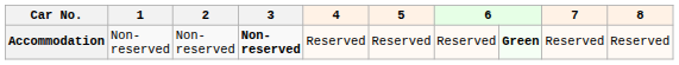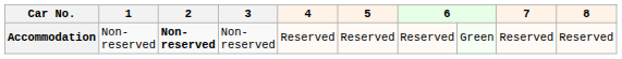 <table class="wikitable">
 <tr>
 <th>Car No.</th>
 <th>1</th>
 <th>2</th>
 <th>3</th>
 <th style="background: #FFF2E6">4</th>
 <th style="background: #FFF2E6">5</th>
 <th colspan=2 style="background:#E6FFE6">6</th>
 <th style="background: #FFF2E6">7</th>
 <th style="background: #FFF2E6">8</th>
 </tr>
 <tr>
 <th>Accommodation</th>
 <td>Non-reserved</td>
+<td><strong>Non-reserved</strong></td>
 <td>Non-reserved</td>
-<td><strong>Non-reserved</strong></td>
 <td style="background: #FFFAF5">Reserved</td>
 <td style="background: #FFFAF5">Reserved</td>
 <td style="background: #FFFAF5">Reserved</td>
-<td style="background: #F5FFF5"><strong>Green</strong></td>
+<td style="background: #F5FFF5">Green</td>
 <td style="background: #FFFAF5">Reserved</td>
 <td style="background: #FFFAF5">Reserved</td>
 </tr>
 </table>
